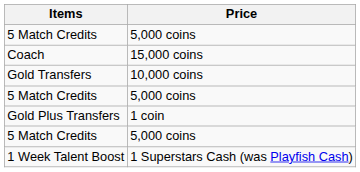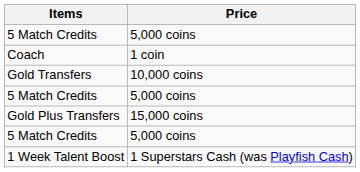 <table class="wikitable">
 <tr>
 <th>Items</th>
 <th>Price</th>
 </tr>
 <tr>
 <td>5 Match Credits</td>
 <td>5,000 coins</td>
 </tr>
 <tr>
 <td>Coach</td>
-<td>15,000 coins</td>
+<td>1 coin</td>
 </tr>
 <tr>
 <td>Gold Transfers</td>
 <td>10,000 coins</td>
 </tr>
 <tr>
 <td>5 Match Credits</td>
 <td>5,000 coins</td>
 </tr>
 <tr>
 <td>Gold Plus Transfers</td>
-<td>1 coin</td>
+<td>15,000 coins</td>
 </tr>
 <tr>
 <td>5 Match Credits</td>
 <td>5,000 coins</td>
 </tr>
 <tr>
 <td>1 Week Talent Boost</td>
 <td>1 Superstars Cash (was <a href='#'>Playfish Cash</a>)</td>
 </tr>
 </table>
